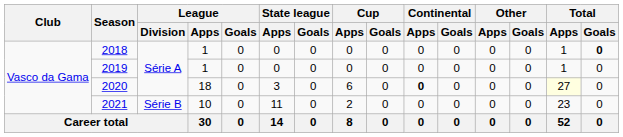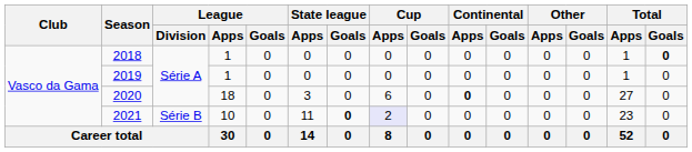 <table class="wikitable" style="text-align: center">
 <tr>
 <th rowspan="2">Club</th>
 <th rowspan="2">Season</th>
 <th colspan="3">League</th>
 <th colspan="2">State league</th>
 <th colspan="2">Cup</th>
 <th colspan="2">Continental</th>
 <th colspan="2">Other</th>
 <th colspan="2">Total</th>
 </tr>
 <tr>
 <th>Division</th>
 <th>Apps</th>
 <th>Goals</th>
 <th>Apps</th>
 <th>Goals</th>
 <th>Apps</th>
 <th>Goals</th>
 <th>Apps</th>
 <th>Goals</th>
 <th>Apps</th>
 <th>Goals</th>
 <th>Apps</th>
 <th>Goals</th>
 </tr>
 <tr>
 <td rowspan="4"><a href='#'>Vasco da Gama</a></td>
 <td><a href='#'>2018</a></td>
 <td rowspan="3"><a href='#'>Série A</a></td>
 <td>1</td>
 <td>0</td>
 <td>0</td>
 <td>0</td>
 <td>0</td>
 <td>0</td>
 <td>0</td>
 <td>0</td>
 <td>0</td>
 <td>0</td>
 <td>1</td>
 <td><strong>0</strong></td>
 </tr>
 <tr>
 <td><a href='#'>2019</a></td>
 <td>1</td>
 <td>0</td>
 <td>0</td>
 <td>0</td>
 <td>0</td>
 <td>0</td>
 <td>0</td>
 <td>0</td>
 <td>0</td>
 <td>0</td>
 <td>1</td>
 <td>0</td>
 </tr>
 <tr>
 <td><a href='#'>2020</a></td>
 <td>18</td>
 <td>0</td>
 <td>3</td>
 <td>0</td>
 <td>6</td>
 <td>0</td>
 <td><strong>0</strong></td>
 <td>0</td>
 <td>0</td>
 <td>0</td>
-<td style="background: lightyellow;">27</td>
+<td>27</td>
 <td>0</td>
 </tr>
 <tr>
 <td><a href='#'>2021</a></td>
 <td><a href='#'>Série B</a></td>
 <td>10</td>
 <td>0</td>
 <td>11</td>
-<td>0</td>
-<td>2</td>
+<td><strong>0</strong></td>
+<td style="background: lavender;">2</td>
 <td>0</td>
 <td>0</td>
 <td>0</td>
 <td>0</td>
 <td>0</td>
 <td>23</td>
 <td>0</td>
 </tr>
 <tr>
 <th colspan="3"><strong>Career total</strong></th>
 <th>30</th>
 <th>0</th>
 <th>14</th>
 <th>0</th>
 <th>8</th>
 <th>0</th>
 <th>0</th>
 <th>0</th>
 <th>0</th>
 <th>0</th>
 <th>52</th>
 <th>0</th>
 </tr>
 </table>
